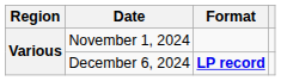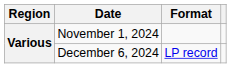 <table class="wikitable plainrowheaders">
 <tr>
 <th scope="col">Region</th>
 <th scope="col">Date</th>
 <th scope="col">Format</th>
 <th scope="col"></th>
 </tr>
 <tr>
 <th scope="row" rowspan="2">Various</th>
 <td>November 1, 2024</td>
 <td></td>
 <td></td>
 </tr>
 <tr>
 <td>December 6, 2024</td>
-<td><strong><a href='#'>LP record</a></strong></td>
+<td><a href='#'>LP record</a></td>
 <td></td>
 </tr>
 </table>
